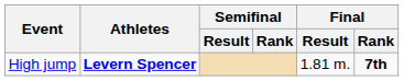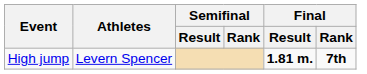 <table class="wikitable" border="1" style="font-size:90%">
 <tr>
 <th rowspan=2>Event</th>
 <th rowspan=2>Athletes</th>
 <th colspan=2>Semifinal</th>
 <th colspan=2>Final</th>
 </tr>
 <tr>
 <th>Result</th>
 <th>Rank</th>
 <th>Result</th>
 <th>Rank</th>
 </tr>
 <tr>
 <td><a href='#'>High jump</a></td>
-<td><strong><a href='#'>Levern Spencer</a></strong></td>
+<td><a href='#'>Levern Spencer</a></td>
 <td align=center colspan=2 bgcolor=wheat></td>
-<td align=center>1.81 m.</td>
+<td align=center><strong>1.81 m.</strong></td>
 <td align=center><strong>7th</strong></td>
 </tr>
 </table>
